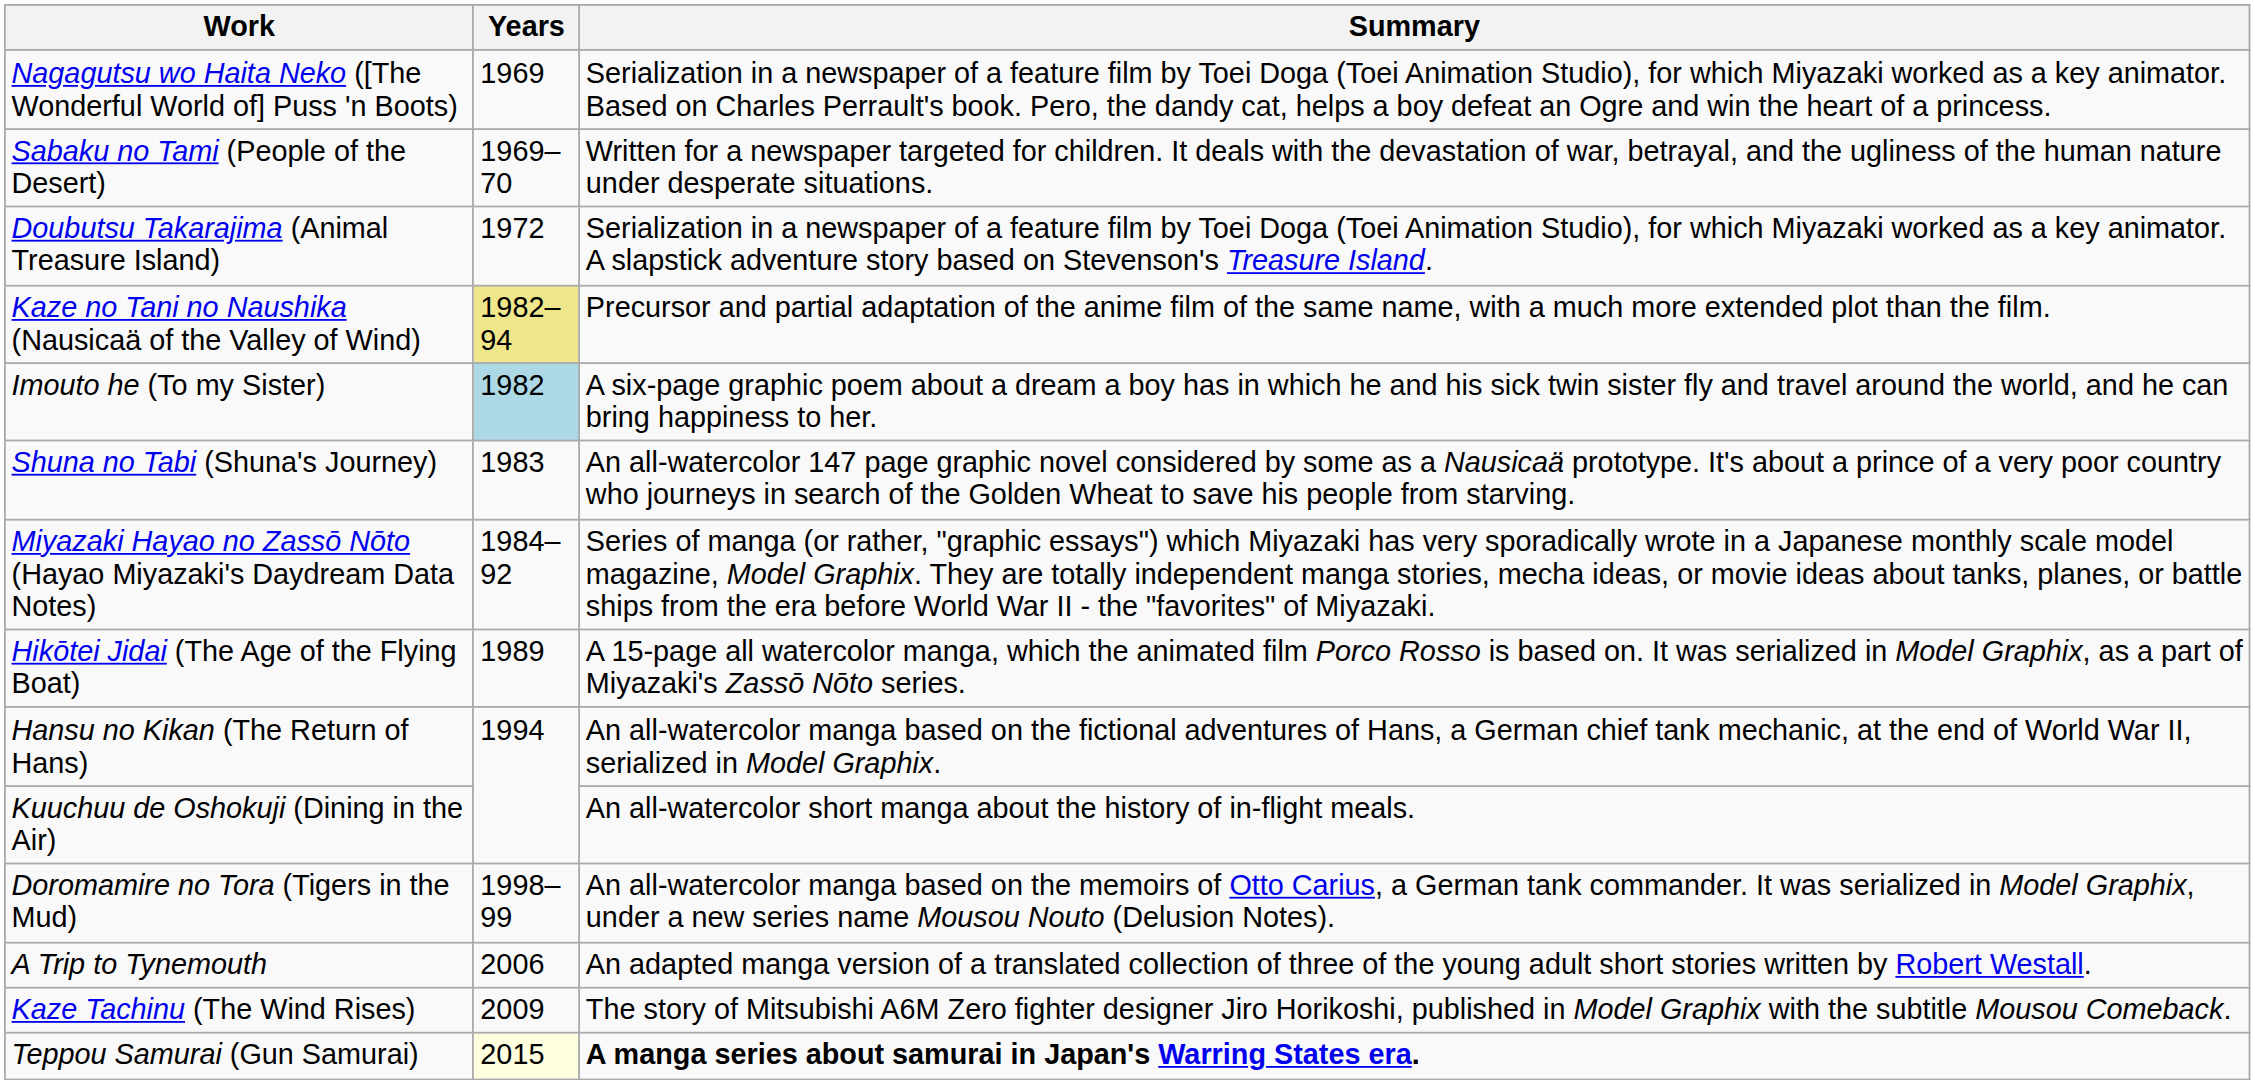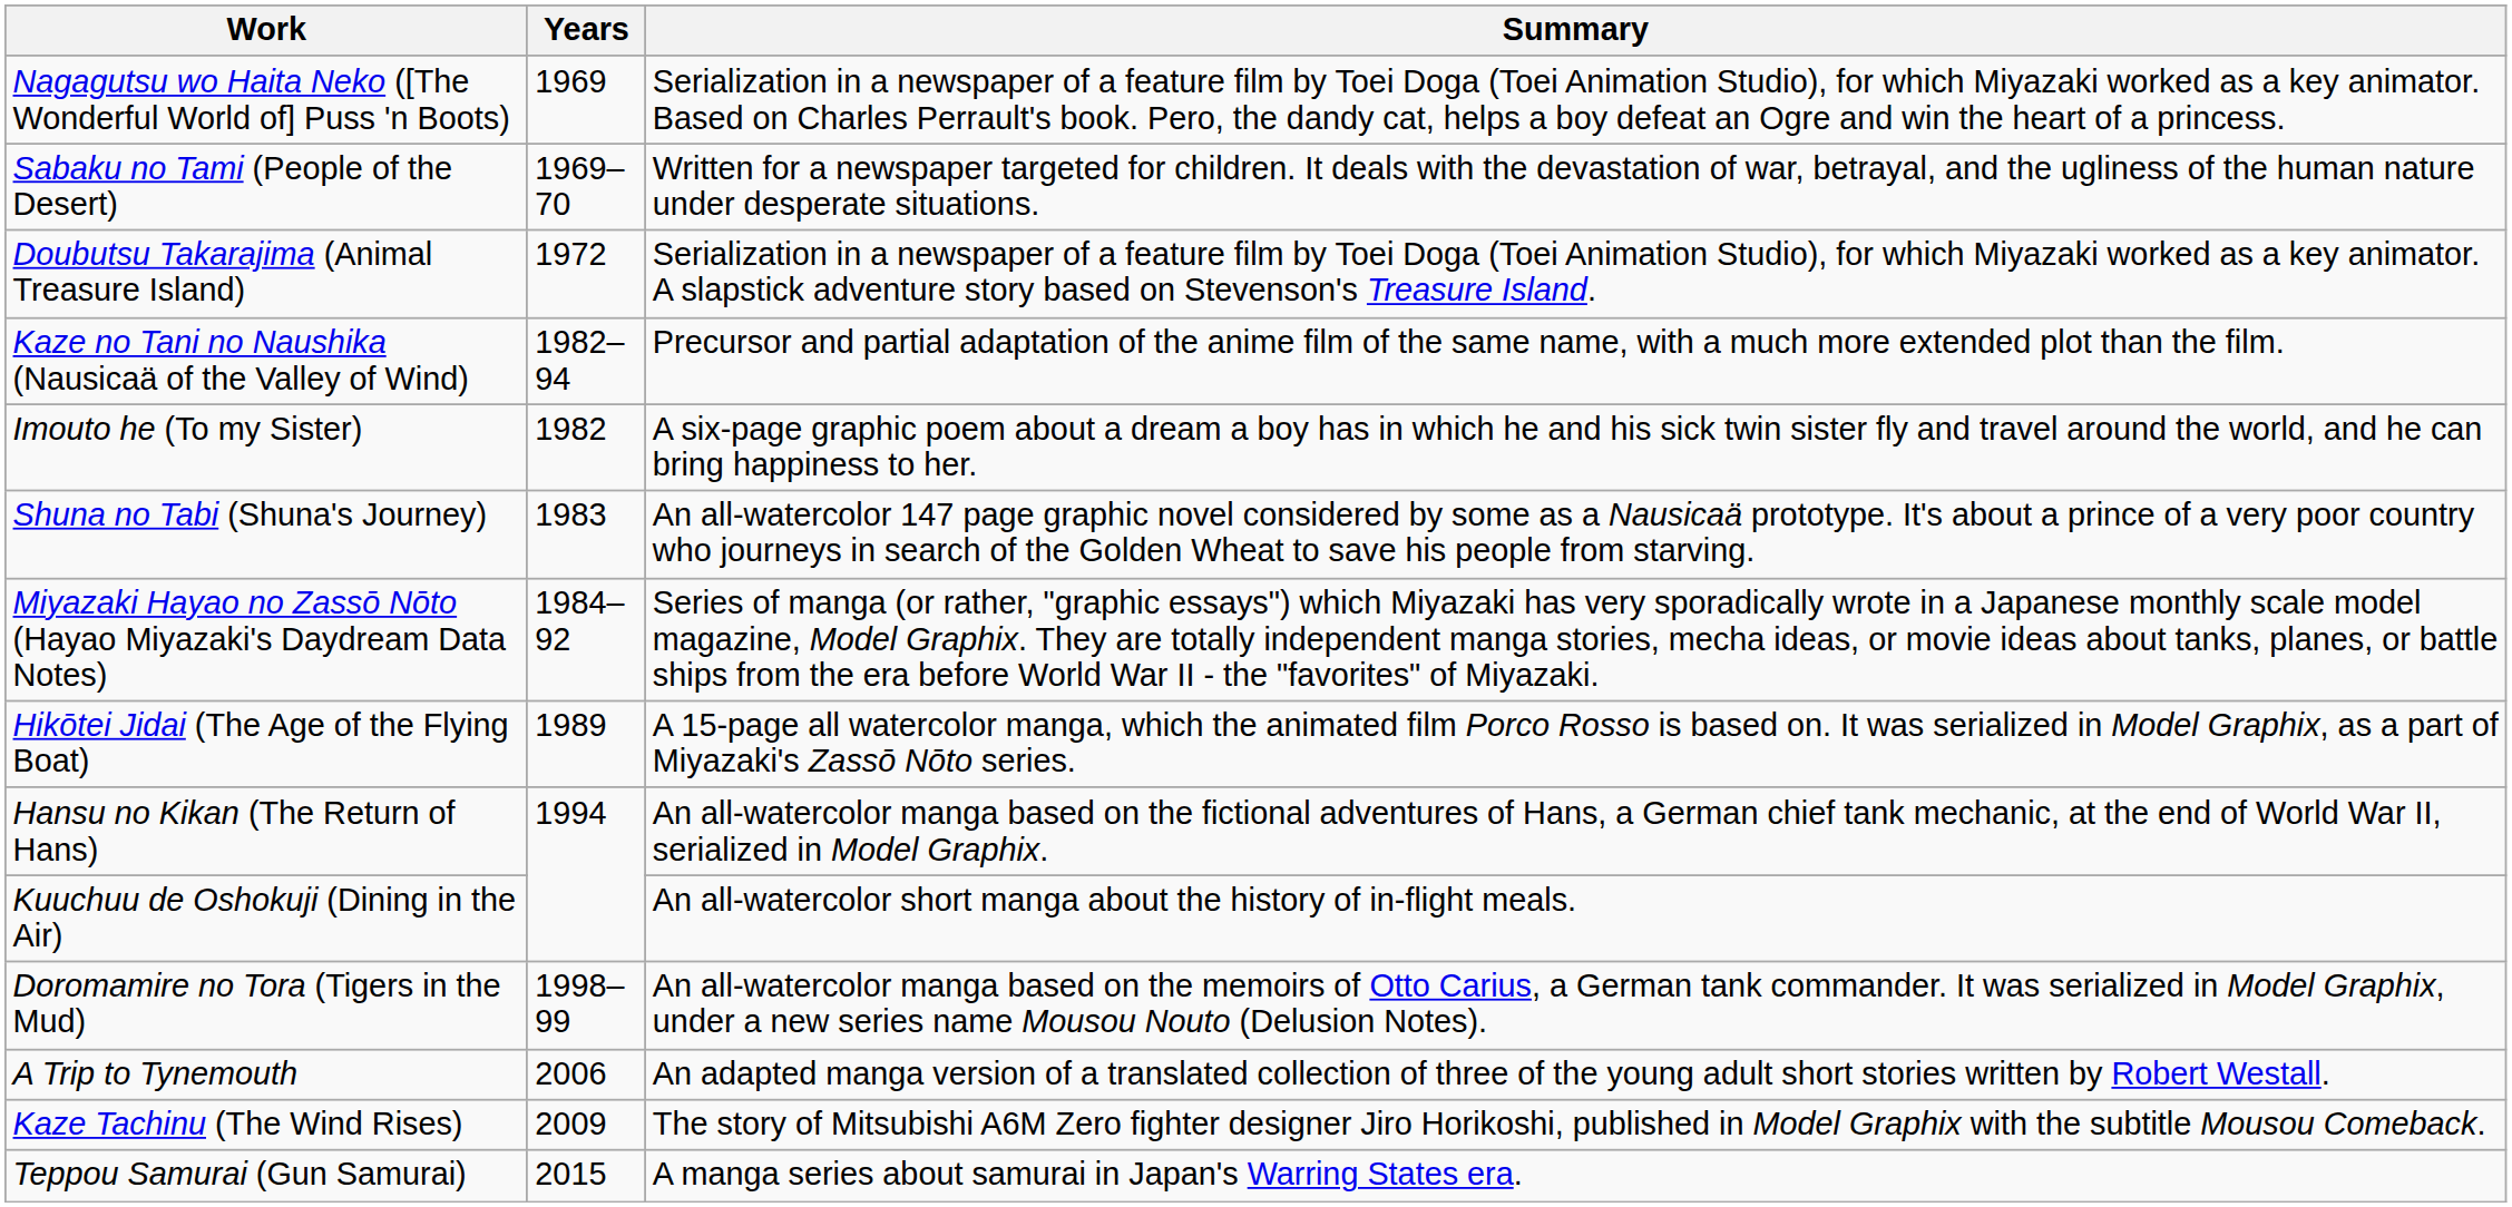 <table class="wikitable">
 <tr>
 <th>Work</th>
 <th>Years</th>
 <th>Summary</th>
 </tr>
 <tr valign="top">
 <td><em><a href='#'>Nagagutsu wo Haita Neko</a></em> ([The Wonderful World of] Puss 'n Boots)</td>
 <td>1969</td>
 <td>Serialization in a newspaper of a feature film by Toei Doga (Toei Animation Studio), for which Miyazaki worked as a key animator. Based on Charles Perrault's book. Pero, the dandy cat, helps a boy defeat an Ogre and win the heart of a princess.</td>
 </tr>
 <tr valign="top">
 <td><em><a href='#'>Sabaku no Tami</a></em> (People of the Desert)</td>
 <td>1969–70</td>
 <td>Written for a newspaper targeted for children. It deals with the devastation of war, betrayal, and the ugliness of the human nature under desperate situations.</td>
 </tr>
 <tr valign="top">
 <td><em><a href='#'>Doubutsu Takarajima</a></em> (Animal Treasure Island)</td>
 <td>1972</td>
 <td>Serialization in a newspaper of a feature film by Toei Doga (Toei Animation Studio), for which Miyazaki worked as a key animator. A slapstick adventure story based on Stevenson's <em><a href='#'>Treasure Island</a></em>.</td>
 </tr>
 <tr valign="top">
 <td><em><a href='#'>Kaze no Tani no Naushika</a></em> (Nausicaä of the Valley of Wind)</td>
-<td style="background: khaki;">1982–94</td>
+<td>1982–94</td>
 <td>Precursor and partial adaptation of the anime film of the same name, with a much more extended plot than the film.</td>
 </tr>
 <tr valign="top">
 <td><em>Imouto he</em> (To my Sister)</td>
-<td style="background: lightblue;">1982</td>
+<td>1982</td>
 <td>A six-page graphic poem about a dream a boy has in which he and his sick twin sister fly and travel around the world, and he can bring happiness to her.</td>
 </tr>
 <tr valign="top">
 <td><em><a href='#'>Shuna no Tabi</a></em> (Shuna's Journey)</td>
 <td>1983</td>
 <td>An all-watercolor 147 page graphic novel considered by some as a <em>Nausicaä</em> prototype. It's about a prince of a very poor country who journeys in search of the Golden Wheat to save his people from starving.</td>
 </tr>
 <tr valign="top">
 <td><em><a href='#'>Miyazaki Hayao no Zassō Nōto</a></em> (Hayao Miyazaki's Daydream Data Notes)</td>
 <td>1984–92</td>
 <td>Series of manga (or rather, "graphic essays") which Miyazaki has very sporadically wrote in a Japanese monthly scale model magazine, <em>Model Graphix</em>. They are totally independent manga stories, mecha ideas, or movie ideas about tanks, planes, or battle ships from the era before World War II - the "favorites" of Miyazaki.</td>
 </tr>
 <tr valign="top">
 <td><em><a href='#'>Hikōtei Jidai</a></em> (The Age of the Flying Boat)</td>
 <td>1989</td>
 <td>A 15-page all watercolor manga, which the animated film <em>Porco Rosso</em> is based on. It was serialized in <em>Model Graphix</em>, as a part of Miyazaki's <em>Zassō Nōto</em> series.</td>
 </tr>
 <tr valign="top">
 <td><em>Hansu no Kikan</em> (The Return of Hans)</td>
 <td rowspan=2>1994</td>
 <td>An all-watercolor manga based on the fictional adventures of Hans, a German chief tank mechanic, at the end of World War II, serialized in <em>Model Graphix</em>.</td>
 </tr>
 <tr valign="top">
 <td><em>Kuuchuu de Oshokuji</em> (Dining in the Air)</td>
 <td>An all-watercolor short manga about the history of in-flight meals.</td>
 </tr>
 <tr valign="top">
 <td><em>Doromamire no Tora</em> (Tigers in the Mud)</td>
 <td>1998–99</td>
 <td>An all-watercolor manga based on the memoirs of <a href='#'>Otto Carius</a>, a German tank commander. It was serialized in <em>Model Graphix</em>, under a new series name <em>Mousou Nouto</em> (Delusion Notes).</td>
 </tr>
 <tr valign="top">
 <td><em>A Trip to Tynemouth</em></td>
 <td>2006</td>
 <td>An adapted manga version of a translated collection of three of the young adult short stories written by <a href='#'>Robert Westall</a>.</td>
 </tr>
 <tr valign="top">
 <td><em><a href='#'>Kaze Tachinu</a></em> (The Wind Rises)</td>
 <td>2009</td>
 <td>The story of Mitsubishi A6M Zero fighter designer Jiro Horikoshi, published in <em>Model Graphix</em> with the subtitle <em>Mousou Comeback</em>.</td>
 </tr>
 <tr valign="top">
 <td><em>Teppou Samurai</em> (Gun Samurai)</td>
-<td style="background: lightyellow;">2015</td>
-<td><strong>A manga series about samurai in Japan's <a href='#'>Warring States era</a>.</strong></td>
+<td>2015</td>
+<td>A manga series about samurai in Japan's <a href='#'>Warring States era</a>.</td>
 </tr>
 </table>
